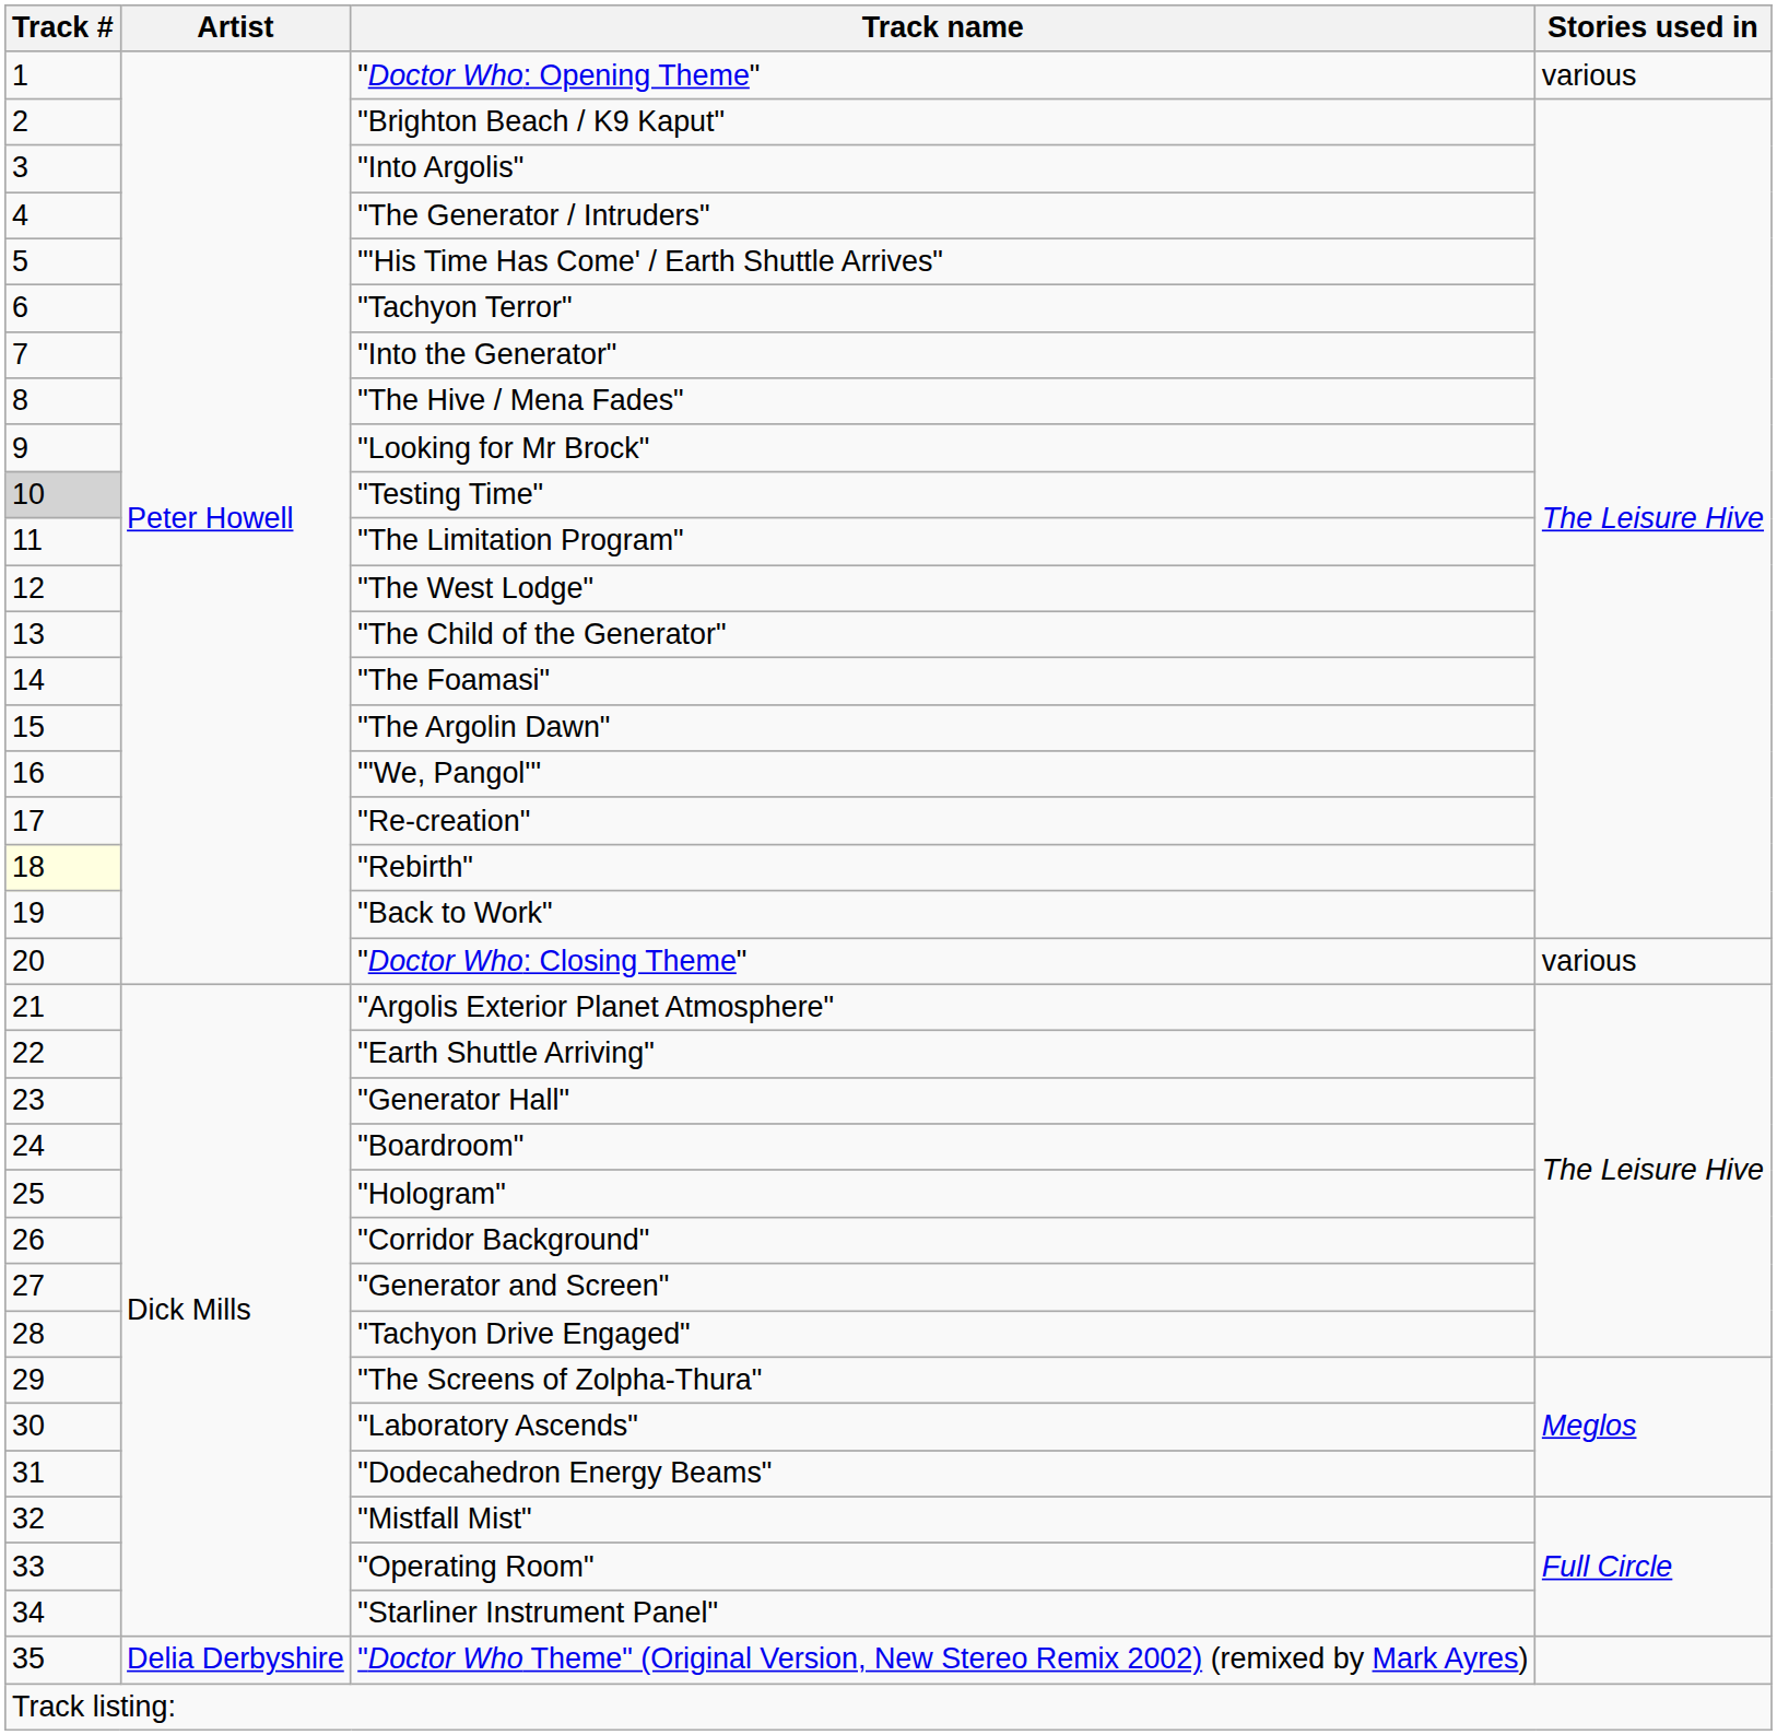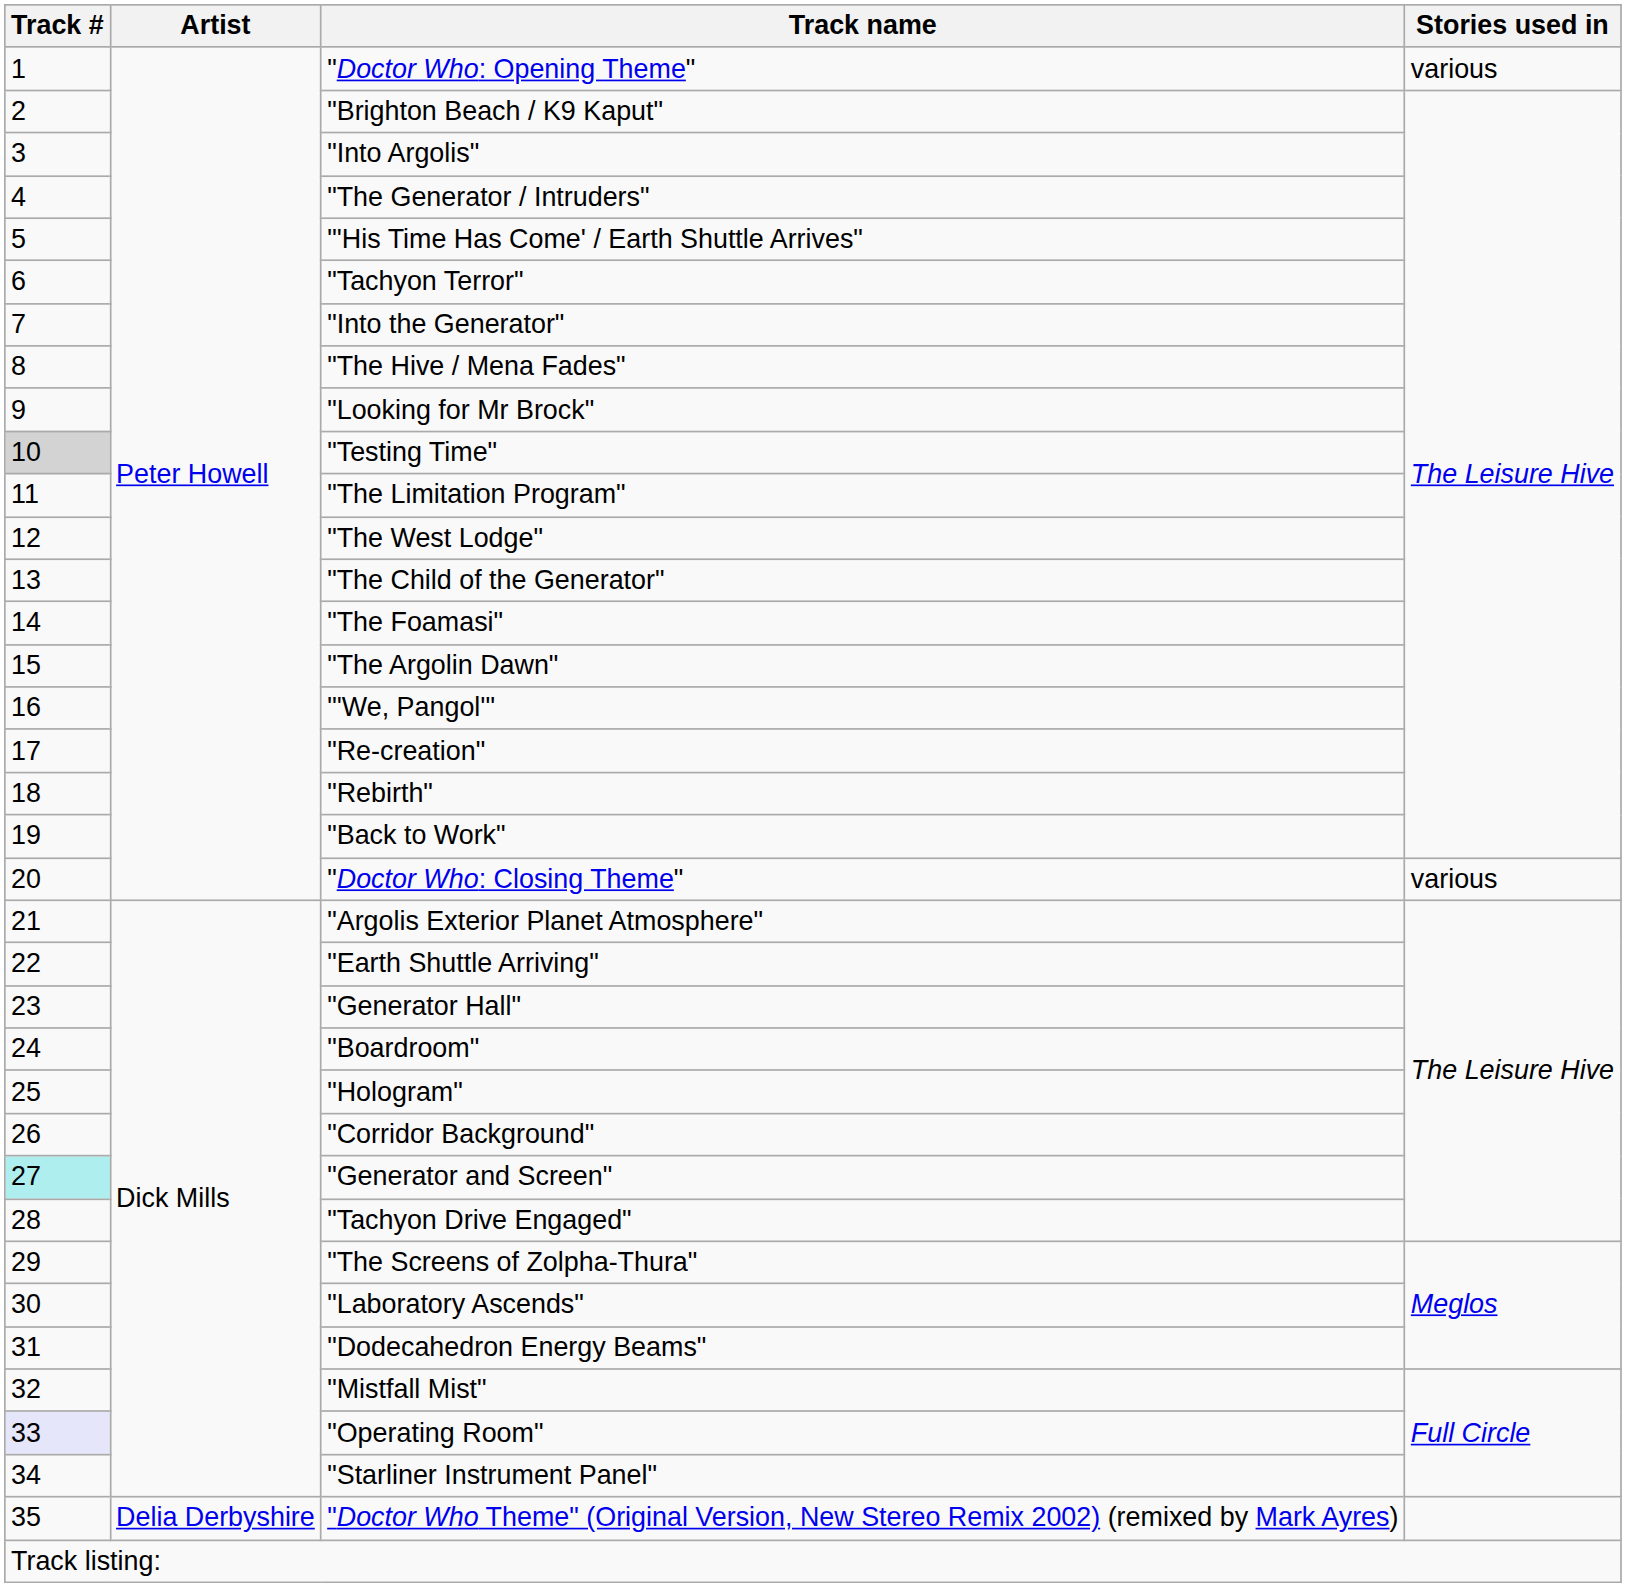 <table class="wikitable">
 <tr>
 <th>Track #</th>
 <th>Artist</th>
 <th>Track name</th>
 <th>Stories used in</th>
 </tr>
 <tr>
 <td>1</td>
 <td rowspan=20><a href='#'>Peter Howell</a></td>
 <td>"<a href='#'><em>Doctor Who</em>: Opening Theme</a>"</td>
 <td>various</td>
 </tr>
 <tr>
 <td>2</td>
 <td>"Brighton Beach / K9 Kaput"</td>
 <td rowspan=18><em><a href='#'>The Leisure Hive</a></em></td>
 </tr>
 <tr>
 <td>3</td>
 <td>"Into Argolis"</td>
 </tr>
 <tr>
 <td>4</td>
 <td>"The Generator / Intruders"</td>
 </tr>
 <tr>
 <td>5</td>
 <td>"'His Time Has Come' / Earth Shuttle Arrives"</td>
 </tr>
 <tr>
 <td>6</td>
 <td>"Tachyon Terror"</td>
 </tr>
 <tr>
 <td>7</td>
 <td>"Into the Generator"</td>
 </tr>
 <tr>
 <td>8</td>
 <td>"The Hive / Mena Fades"</td>
 </tr>
 <tr>
 <td>9</td>
 <td>"Looking for Mr Brock"</td>
 </tr>
 <tr>
 <td style="background: lightgrey;">10</td>
 <td>"Testing Time"</td>
 </tr>
 <tr>
 <td>11</td>
 <td>"The Limitation Program"</td>
 </tr>
 <tr>
 <td>12</td>
 <td>"The West Lodge"</td>
 </tr>
 <tr>
 <td>13</td>
 <td>"The Child of the Generator"</td>
 </tr>
 <tr>
 <td>14</td>
 <td>"The Foamasi"</td>
 </tr>
 <tr>
 <td>15</td>
 <td>"The Argolin Dawn"</td>
 </tr>
 <tr>
 <td>16</td>
 <td>"'We, Pangol'"</td>
 </tr>
 <tr>
 <td>17</td>
 <td>"Re-creation"</td>
 </tr>
 <tr>
-<td style="background: lightyellow;">18</td>
+<td>18</td>
 <td>"Rebirth"</td>
 </tr>
 <tr>
 <td>19</td>
 <td>"Back to Work"</td>
 </tr>
 <tr>
 <td>20</td>
 <td>"<a href='#'><em>Doctor Who</em>: Closing Theme</a>"</td>
 <td>various</td>
 </tr>
 <tr>
 <td>21</td>
 <td rowspan=14>Dick Mills</td>
 <td>"Argolis Exterior Planet Atmosphere"</td>
 <td rowspan=8><em>The Leisure Hive</em></td>
 </tr>
 <tr>
 <td>22</td>
 <td>"Earth Shuttle Arriving"</td>
 </tr>
 <tr>
 <td>23</td>
 <td>"Generator Hall"</td>
 </tr>
 <tr>
 <td>24</td>
 <td>"Boardroom"</td>
 </tr>
 <tr>
 <td>25</td>
 <td>"Hologram"</td>
 </tr>
 <tr>
 <td>26</td>
 <td>"Corridor Background"</td>
 </tr>
 <tr>
-<td>27</td>
+<td style="background: paleturquoise;">27</td>
 <td>"Generator and Screen"</td>
 </tr>
 <tr>
 <td>28</td>
 <td>"Tachyon Drive Engaged"</td>
 </tr>
 <tr>
 <td>29</td>
 <td>"The Screens of Zolpha-Thura"</td>
 <td rowspan=3><em><a href='#'>Meglos</a></em></td>
 </tr>
 <tr>
 <td>30</td>
 <td>"Laboratory Ascends"</td>
 </tr>
 <tr>
 <td>31</td>
 <td>"Dodecahedron Energy Beams"</td>
 </tr>
 <tr>
 <td>32</td>
 <td>"Mistfall Mist"</td>
 <td rowspan=3><em><a href='#'>Full Circle</a></em></td>
 </tr>
 <tr>
-<td>33</td>
+<td style="background: lavender;">33</td>
 <td>"Operating Room"</td>
 </tr>
 <tr>
 <td>34</td>
 <td>"Starliner Instrument Panel"</td>
 </tr>
 <tr>
 <td>35</td>
 <td><a href='#'>Delia Derbyshire</a></td>
 <td><a href='#'>"<em>Doctor Who</em> Theme" (Original Version, New Stereo Remix 2002)</a> (remixed by <a href='#'>Mark Ayres</a>)</td>
 <td></td>
 </tr>
 <tr>
 <td colspan=4>Track listing:</td>
 </tr>
 </table>
